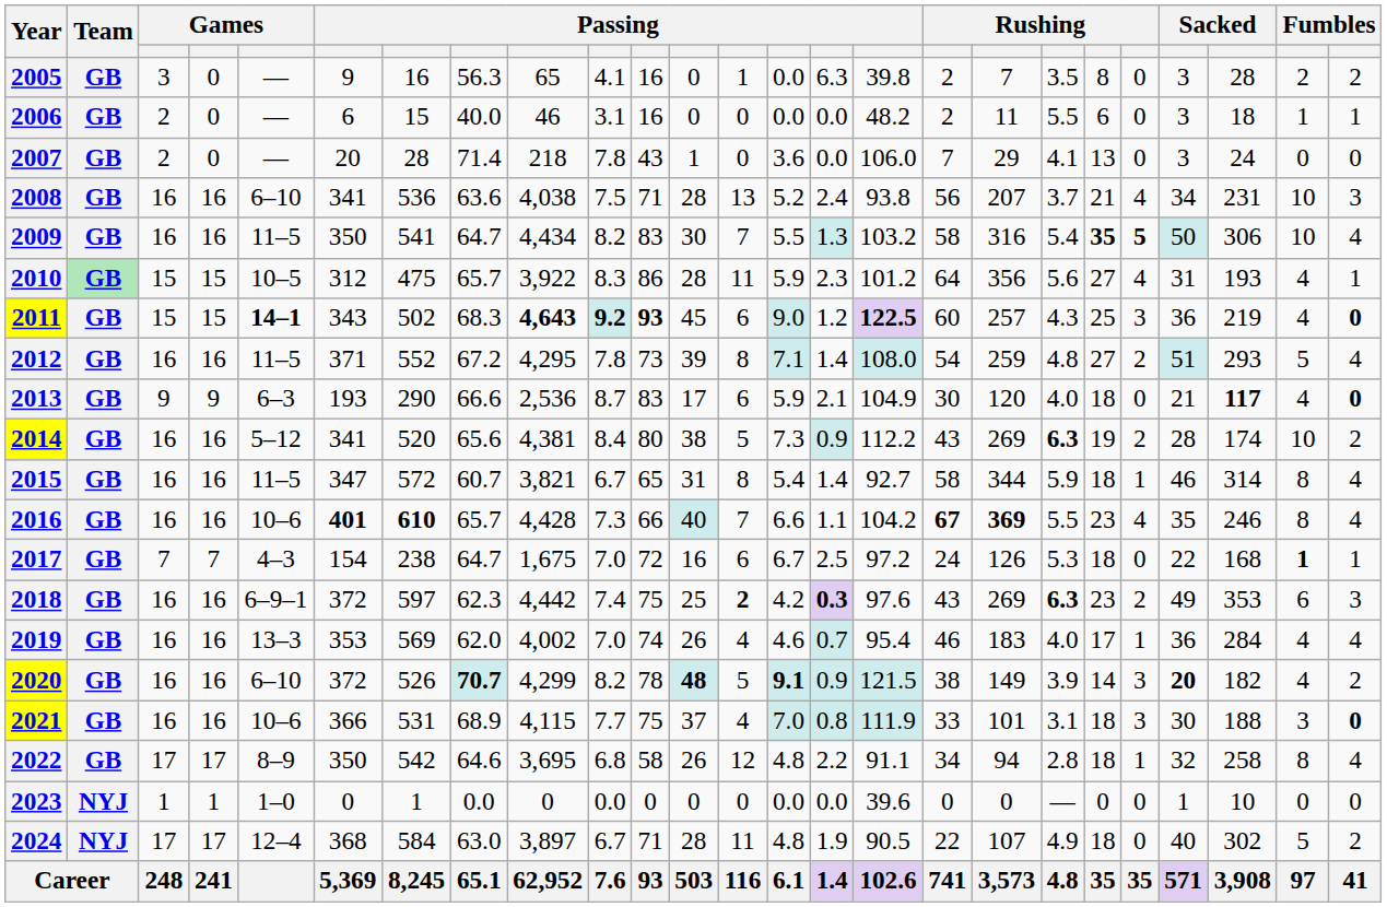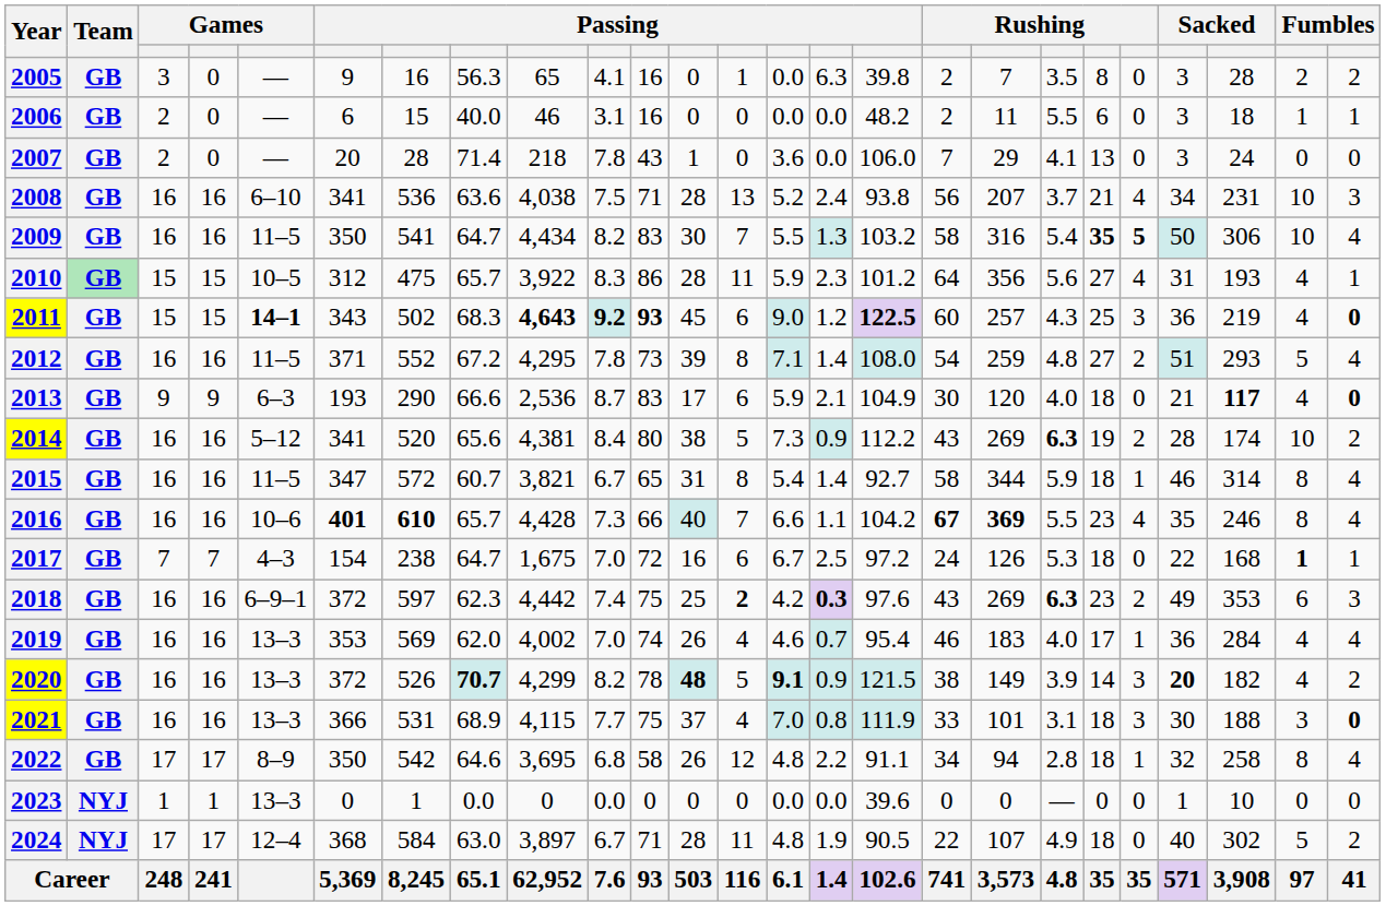 <table class="wikitable" style="text-align:center;">
 <tr>
 <th rowspan="2">Year</th>
 <th rowspan="2">Team</th>
 <th colspan="3">Games</th>
 <th colspan="11">Passing</th>
 <th colspan="5">Rushing</th>
 <th colspan="2">Sacked</th>
 <th colspan="2">Fumbles</th>
 </tr>
 <tr>
 <th></th>
 <th></th>
 <th></th>
 <th></th>
 <th></th>
 <th></th>
 <th></th>
 <th></th>
 <th></th>
 <th></th>
 <th></th>
 <th></th>
 <th></th>
 <th></th>
 <th></th>
 <th></th>
 <th></th>
 <th></th>
 <th></th>
 <th></th>
 <th></th>
 <th></th>
 <th></th>
 </tr>
 <tr>
 <th><a href='#'>2005</a></th>
 <th><a href='#'>GB</a></th>
 <td>3</td>
 <td>0</td>
 <td>—</td>
 <td>9</td>
 <td>16</td>
 <td>56.3</td>
 <td>65</td>
 <td>4.1</td>
 <td>16</td>
 <td>0</td>
 <td>1</td>
 <td>0.0</td>
 <td>6.3</td>
 <td>39.8</td>
 <td>2</td>
 <td>7</td>
 <td>3.5</td>
 <td>8</td>
 <td>0</td>
 <td>3</td>
 <td>28</td>
 <td>2</td>
 <td>2</td>
 </tr>
 <tr>
 <th><a href='#'>2006</a></th>
 <th><a href='#'>GB</a></th>
 <td>2</td>
 <td>0</td>
 <td>—</td>
 <td>6</td>
 <td>15</td>
 <td>40.0</td>
 <td>46</td>
 <td>3.1</td>
 <td>16</td>
 <td>0</td>
 <td>0</td>
 <td>0.0</td>
 <td>0.0</td>
 <td>48.2</td>
 <td>2</td>
 <td>11</td>
 <td>5.5</td>
 <td>6</td>
 <td>0</td>
 <td>3</td>
 <td>18</td>
 <td>1</td>
 <td>1</td>
 </tr>
 <tr>
 <th><a href='#'>2007</a></th>
 <th><a href='#'>GB</a></th>
 <td>2</td>
 <td>0</td>
 <td>—</td>
 <td>20</td>
 <td>28</td>
 <td>71.4</td>
 <td>218</td>
 <td>7.8</td>
 <td>43</td>
 <td>1</td>
 <td>0</td>
 <td>3.6</td>
 <td>0.0</td>
 <td>106.0</td>
 <td>7</td>
 <td>29</td>
 <td>4.1</td>
 <td>13</td>
 <td>0</td>
 <td>3</td>
 <td>24</td>
 <td>0</td>
 <td>0</td>
 </tr>
 <tr>
 <th><a href='#'>2008</a></th>
 <th><a href='#'>GB</a></th>
 <td>16</td>
 <td>16</td>
 <td>6–10</td>
 <td>341</td>
 <td>536</td>
 <td>63.6</td>
 <td>4,038</td>
 <td>7.5</td>
 <td>71</td>
 <td>28</td>
 <td>13</td>
 <td>5.2</td>
 <td>2.4</td>
 <td>93.8</td>
 <td>56</td>
 <td>207</td>
 <td>3.7</td>
 <td>21</td>
 <td>4</td>
 <td>34</td>
 <td>231</td>
 <td>10</td>
 <td>3</td>
 </tr>
 <tr>
 <th><a href='#'>2009</a></th>
 <th><a href='#'>GB</a></th>
 <td>16</td>
 <td>16</td>
 <td>11–5</td>
 <td>350</td>
 <td>541</td>
 <td>64.7</td>
 <td>4,434</td>
 <td>8.2</td>
 <td>83</td>
 <td>30</td>
 <td>7</td>
 <td>5.5</td>
 <td style="background:#cfecec;">1.3</td>
 <td>103.2</td>
 <td>58</td>
 <td>316</td>
 <td>5.4</td>
 <td><strong>35</strong></td>
 <td><strong>5</strong></td>
 <td style="background:#cfecec;">50</td>
 <td>306</td>
 <td>10</td>
 <td>4</td>
 </tr>
 <tr>
 <th><a href='#'>2010</a></th>
 <th style="background:#afe6ba;"><a href='#'>GB</a></th>
 <td>15</td>
 <td>15</td>
 <td>10–5</td>
 <td>312</td>
 <td>475</td>
 <td>65.7</td>
 <td>3,922</td>
 <td>8.3</td>
 <td>86</td>
 <td>28</td>
 <td>11</td>
 <td>5.9</td>
 <td>2.3</td>
 <td>101.2</td>
 <td>64</td>
 <td>356</td>
 <td>5.6</td>
 <td>27</td>
 <td>4</td>
 <td>31</td>
 <td>193</td>
 <td>4</td>
 <td>1</td>
 </tr>
 <tr>
 <th style="background:#ff0;"><a href='#'>2011</a></th>
 <th><a href='#'>GB</a></th>
 <td>15</td>
 <td>15</td>
 <td><strong>14–1</strong></td>
 <td>343</td>
 <td>502</td>
 <td>68.3</td>
 <td><strong>4,643</strong></td>
 <td style="background:#cfecec;"><strong>9.2</strong></td>
 <td><strong>93</strong></td>
 <td>45</td>
 <td>6</td>
 <td style="background:#cfecec;">9.0</td>
 <td>1.2</td>
 <td style="background:#e0cef2;"><strong>122.5</strong></td>
 <td>60</td>
 <td>257</td>
 <td>4.3</td>
 <td>25</td>
 <td>3</td>
 <td>36</td>
 <td>219</td>
 <td>4</td>
 <td><strong>0</strong></td>
 </tr>
 <tr>
 <th><a href='#'>2012</a></th>
 <th><a href='#'>GB</a></th>
 <td>16</td>
 <td>16</td>
 <td>11–5</td>
 <td>371</td>
 <td>552</td>
 <td>67.2</td>
 <td>4,295</td>
 <td>7.8</td>
 <td>73</td>
 <td>39</td>
 <td>8</td>
 <td style="background:#cfecec;">7.1</td>
 <td>1.4</td>
 <td style="background:#cfecec;">108.0</td>
 <td>54</td>
 <td>259</td>
 <td>4.8</td>
 <td>27</td>
 <td>2</td>
 <td style="background:#cfecec;">51</td>
 <td>293</td>
 <td>5</td>
 <td>4</td>
 </tr>
 <tr>
 <th><a href='#'>2013</a></th>
 <th><a href='#'>GB</a></th>
 <td>9</td>
 <td>9</td>
 <td>6–3</td>
 <td>193</td>
 <td>290</td>
 <td>66.6</td>
 <td>2,536</td>
 <td>8.7</td>
 <td>83</td>
 <td>17</td>
 <td>6</td>
 <td>5.9</td>
 <td>2.1</td>
 <td>104.9</td>
 <td>30</td>
 <td>120</td>
 <td>4.0</td>
 <td>18</td>
 <td>0</td>
 <td>21</td>
 <td><strong>117</strong></td>
 <td>4</td>
 <td><strong>0</strong></td>
 </tr>
 <tr>
 <th style="background:#ff0;"><a href='#'>2014</a></th>
 <th><a href='#'>GB</a></th>
 <td>16</td>
 <td>16</td>
 <td>5–12</td>
 <td>341</td>
 <td>520</td>
 <td>65.6</td>
 <td>4,381</td>
 <td>8.4</td>
 <td>80</td>
 <td>38</td>
 <td>5</td>
 <td>7.3</td>
 <td style="background:#cfecec;">0.9</td>
 <td>112.2</td>
 <td>43</td>
 <td>269</td>
 <td><strong>6.3</strong></td>
 <td>19</td>
 <td>2</td>
 <td>28</td>
 <td>174</td>
 <td>10</td>
 <td>2</td>
 </tr>
 <tr>
 <th><a href='#'>2015</a></th>
 <th><a href='#'>GB</a></th>
 <td>16</td>
 <td>16</td>
 <td>11–5</td>
 <td>347</td>
 <td>572</td>
 <td>60.7</td>
 <td>3,821</td>
 <td>6.7</td>
 <td>65</td>
 <td>31</td>
 <td>8</td>
 <td>5.4</td>
 <td>1.4</td>
 <td>92.7</td>
 <td>58</td>
 <td>344</td>
 <td>5.9</td>
 <td>18</td>
 <td>1</td>
 <td>46</td>
 <td>314</td>
 <td>8</td>
 <td>4</td>
 </tr>
 <tr>
 <th><a href='#'>2016</a></th>
 <th><a href='#'>GB</a></th>
 <td>16</td>
 <td>16</td>
 <td>10–6</td>
 <td><strong>401</strong></td>
 <td><strong>610</strong></td>
 <td>65.7</td>
 <td>4,428</td>
 <td>7.3</td>
 <td>66</td>
 <td style="background:#cfecec;">40</td>
 <td>7</td>
 <td>6.6</td>
 <td>1.1</td>
 <td>104.2</td>
 <td><strong>67</strong></td>
 <td><strong>369</strong></td>
 <td>5.5</td>
 <td>23</td>
 <td>4</td>
 <td>35</td>
 <td>246</td>
 <td>8</td>
 <td>4</td>
 </tr>
 <tr>
 <th><a href='#'>2017</a></th>
 <th><a href='#'>GB</a></th>
 <td>7</td>
 <td>7</td>
 <td>4–3</td>
 <td>154</td>
 <td>238</td>
 <td>64.7</td>
 <td>1,675</td>
 <td>7.0</td>
 <td>72</td>
 <td>16</td>
 <td>6</td>
 <td>6.7</td>
 <td>2.5</td>
 <td>97.2</td>
 <td>24</td>
 <td>126</td>
 <td>5.3</td>
 <td>18</td>
 <td>0</td>
 <td>22</td>
 <td>168</td>
 <td><strong>1</strong></td>
 <td>1</td>
 </tr>
 <tr>
 <th><a href='#'>2018</a></th>
 <th><a href='#'>GB</a></th>
 <td>16</td>
 <td>16</td>
 <td>6–9–1</td>
 <td>372</td>
 <td>597</td>
 <td>62.3</td>
 <td>4,442</td>
 <td>7.4</td>
 <td>75</td>
 <td>25</td>
 <td><strong>2</strong></td>
 <td>4.2</td>
 <td style="background:#e0cef2;"><strong>0.3</strong></td>
 <td>97.6</td>
 <td>43</td>
 <td>269</td>
 <td><strong>6.3</strong></td>
 <td>23</td>
 <td>2</td>
 <td>49</td>
 <td>353</td>
 <td>6</td>
 <td>3</td>
 </tr>
 <tr>
 <th><a href='#'>2019</a></th>
 <th><a href='#'>GB</a></th>
 <td>16</td>
 <td>16</td>
 <td>13–3</td>
 <td>353</td>
 <td>569</td>
 <td>62.0</td>
 <td>4,002</td>
 <td>7.0</td>
 <td>74</td>
 <td>26</td>
 <td>4</td>
 <td>4.6</td>
 <td style="background:#cfecec;">0.7</td>
 <td>95.4</td>
 <td>46</td>
 <td>183</td>
 <td>4.0</td>
 <td>17</td>
 <td>1</td>
 <td>36</td>
 <td>284</td>
 <td>4</td>
 <td>4</td>
 </tr>
 <tr>
 <th style="background:#ff0;"><a href='#'>2020</a></th>
 <th><a href='#'>GB</a></th>
 <td>16</td>
 <td>16</td>
-<td>6–10</td>
+<td>13–3</td>
 <td>372</td>
 <td>526</td>
 <td style="background:#cfecec;"><strong>70.7</strong></td>
 <td>4,299</td>
 <td>8.2</td>
 <td>78</td>
 <td style="background:#cfecec;"><strong>48</strong></td>
 <td>5</td>
 <td style="background:#cfecec;"><strong>9.1</strong></td>
 <td style="background:#cfecec;">0.9</td>
 <td style="background:#cfecec;">121.5</td>
 <td>38</td>
 <td>149</td>
 <td>3.9</td>
 <td>14</td>
 <td>3</td>
 <td><strong>20</strong></td>
 <td>182</td>
 <td>4</td>
 <td>2</td>
 </tr>
 <tr>
 <th style="background:#ff0;"><a href='#'>2021</a></th>
 <th><a href='#'>GB</a></th>
 <td>16</td>
 <td>16</td>
-<td>10–6</td>
+<td>13–3</td>
 <td>366</td>
 <td>531</td>
 <td>68.9</td>
 <td>4,115</td>
 <td>7.7</td>
 <td>75</td>
 <td>37</td>
 <td>4</td>
 <td style="background:#cfecec;">7.0</td>
 <td style="background:#cfecec;">0.8</td>
 <td style="background:#cfecec;">111.9</td>
 <td>33</td>
 <td>101</td>
 <td>3.1</td>
 <td>18</td>
 <td>3</td>
 <td>30</td>
 <td>188</td>
 <td>3</td>
 <td><strong>0</strong></td>
 </tr>
 <tr>
 <th><a href='#'>2022</a></th>
 <th><a href='#'>GB</a></th>
 <td>17</td>
 <td>17</td>
 <td>8–9</td>
 <td>350</td>
 <td>542</td>
 <td>64.6</td>
 <td>3,695</td>
 <td>6.8</td>
 <td>58</td>
 <td>26</td>
 <td>12</td>
 <td>4.8</td>
 <td>2.2</td>
 <td>91.1</td>
 <td>34</td>
 <td>94</td>
 <td>2.8</td>
 <td>18</td>
 <td>1</td>
 <td>32</td>
 <td>258</td>
 <td>8</td>
 <td>4</td>
 </tr>
 <tr>
 <th><a href='#'>2023</a></th>
 <th><a href='#'>NYJ</a></th>
 <td>1</td>
 <td>1</td>
-<td>1–0</td>
+<td>13–3</td>
 <td>0</td>
 <td>1</td>
 <td>0.0</td>
 <td>0</td>
 <td>0.0</td>
 <td>0</td>
 <td>0</td>
 <td>0</td>
 <td>0.0</td>
 <td>0.0</td>
 <td>39.6</td>
 <td>0</td>
 <td>0</td>
 <td>—</td>
 <td>0</td>
 <td>0</td>
 <td>1</td>
 <td>10</td>
 <td>0</td>
 <td>0</td>
 </tr>
 <tr>
 <th><a href='#'>2024</a></th>
 <th><a href='#'>NYJ</a></th>
 <td>17</td>
 <td>17</td>
 <td>12–4</td>
 <td>368</td>
 <td>584</td>
 <td>63.0</td>
 <td>3,897</td>
 <td>6.7</td>
 <td>71</td>
 <td>28</td>
 <td>11</td>
 <td>4.8</td>
 <td>1.9</td>
 <td>90.5</td>
 <td>22</td>
 <td>107</td>
 <td>4.9</td>
 <td>18</td>
 <td>0</td>
 <td>40</td>
 <td>302</td>
 <td>5</td>
 <td>2</td>
 </tr>
 <tr>
 <th colspan="2">Career</th>
 <th>248</th>
 <th>241</th>
 <th></th>
 <th>5,369</th>
 <th>8,245</th>
 <th>65.1</th>
 <th>62,952</th>
 <th>7.6</th>
 <th>93</th>
 <th>503</th>
 <th>116</th>
 <th>6.1</th>
 <th style="background:#e0cef2;">1.4</th>
 <th style="background:#e0cef2;">102.6</th>
 <th>741</th>
 <th>3,573</th>
 <th>4.8</th>
 <th>35</th>
 <th>35</th>
 <th style="background:#e0cef2;">571</th>
 <th>3,908</th>
 <th>97</th>
 <th>41</th>
 </tr>
 </table>
